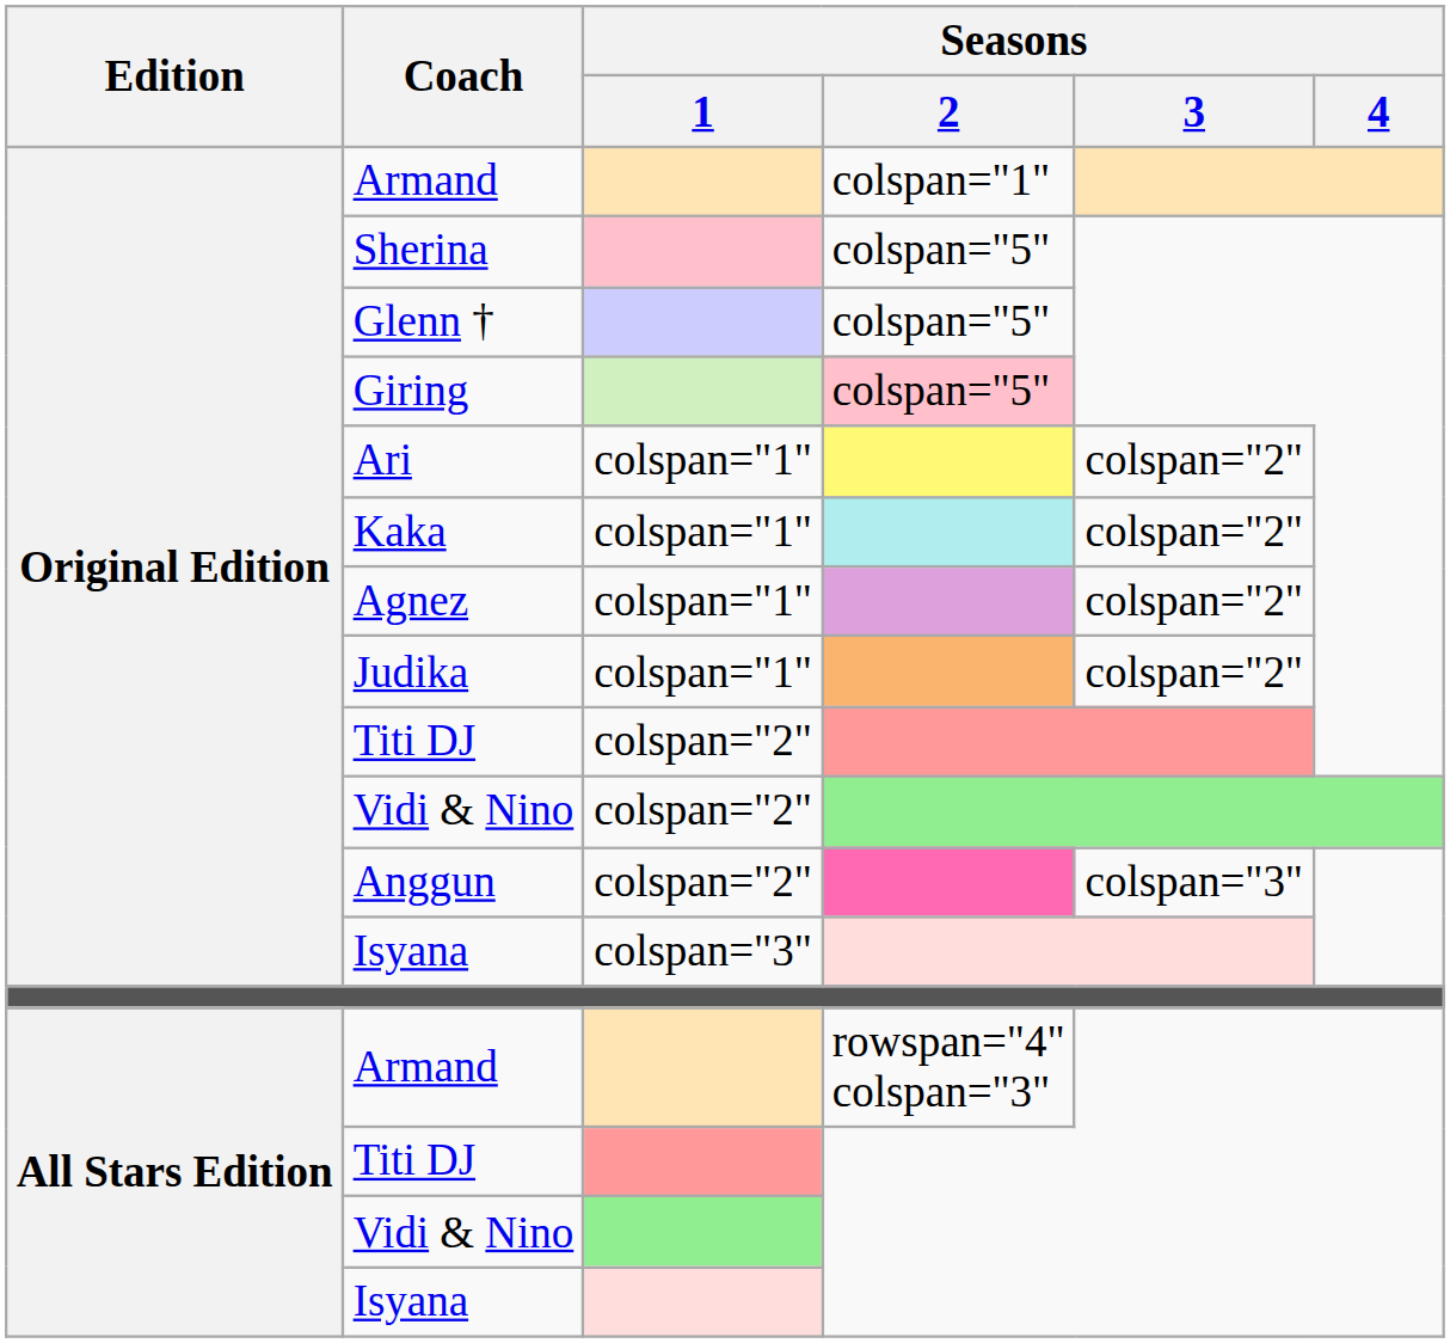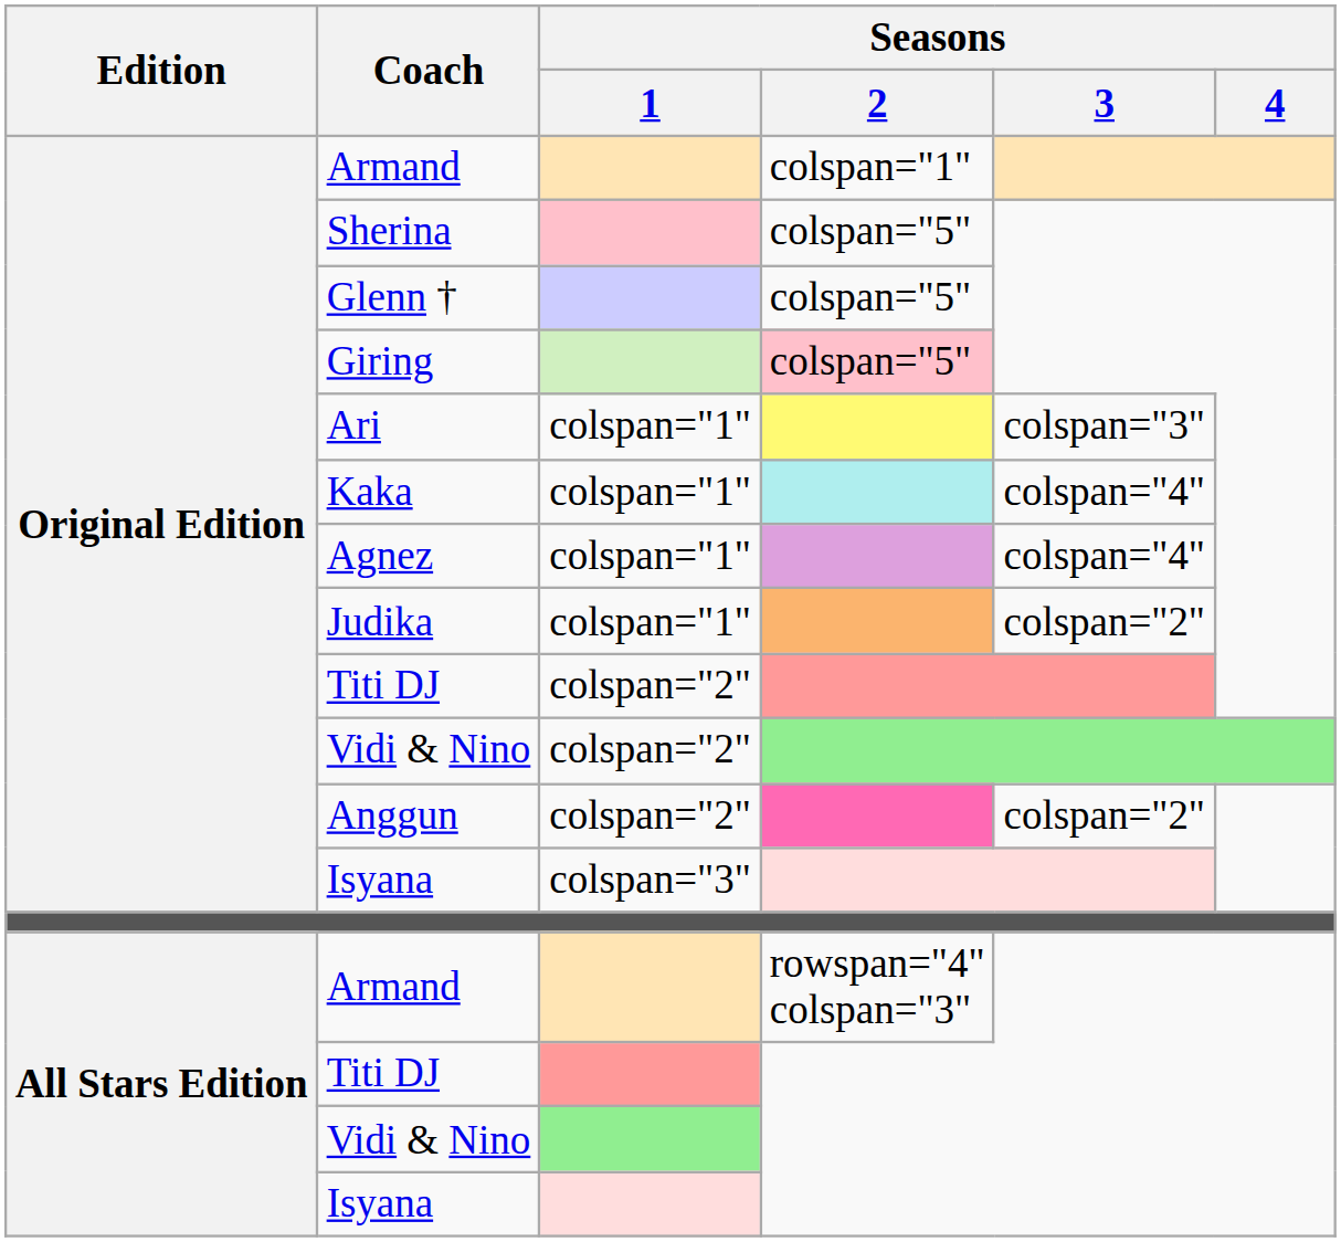 <table class="wikitable">
 <tr>
 <th rowspan="2">Edition</th>
 <th rowspan="2">Coach</th>
 <th colspan="9">Seasons</th>
 </tr>
 <tr>
 <th width="40"><a href='#'>1</a></th>
 <th width="40"><a href='#'>2</a></th>
 <th width="40"><a href='#'>3</a></th>
 <th width="40"><a href='#'>4</a></th>
 </tr>
 <tr>
 <th rowspan="12">Original Edition</th>
 <td><a href='#'>Armand</a></td>
 <td colspan="1" bgcolor="#ffe5b4"></td>
 <td>colspan="1" </td>
 <td colspan="2" bgcolor="#ffe5b4"></td>
 </tr>
 <tr>
 <td><a href='#'>Sherina</a></td>
 <td colspan="1" bgcolor="pink"></td>
 <td>colspan="5" </td>
 </tr>
 <tr>
 <td><a href='#'>Glenn</a> †</td>
 <td colspan="1" bgcolor="#ccf"></td>
 <td>colspan="5" </td>
 </tr>
 <tr>
 <td><a href='#'>Giring</a></td>
 <td colspan="1" bgcolor="#d0f0c0"></td>
 <td style="background: pink;">colspan="5" </td>
 </tr>
 <tr>
 <td><a href='#'>Ari</a></td>
 <td>colspan="1" </td>
 <td colspan="1" bgcolor="#fffa73"></td>
-<td>colspan="2" </td>
+<td>colspan="3" </td>
 </tr>
 <tr>
 <td><a href='#'>Kaka</a></td>
 <td>colspan="1" </td>
 <td colspan="1" bgcolor="#afeeee"></td>
-<td>colspan="2" </td>
+<td>colspan="4" </td>
 </tr>
 <tr>
 <td><a href='#'>Agnez</a></td>
 <td>colspan="1" </td>
 <td colspan="1" bgcolor="#dda0dd"></td>
-<td>colspan="2" </td>
+<td>colspan="4" </td>
 </tr>
 <tr>
 <td><a href='#'>Judika</a></td>
 <td>colspan="1" </td>
 <td colspan="1" bgcolor="#fbb46e"></td>
 <td>colspan="2" </td>
 </tr>
 <tr>
 <td><a href='#'>Titi DJ</a></td>
 <td>colspan="2" </td>
 <td colspan="2" bgcolor="#ff9999"></td>
 </tr>
 <tr>
 <td><a href='#'>Vidi</a> & <a href='#'>Nino</a></td>
 <td>colspan="2" </td>
 <td colspan="4" bgcolor="#90ee90"></td>
 </tr>
 <tr>
 <td><a href='#'>Anggun</a></td>
 <td>colspan="2" </td>
 <td colspan="1" bgcolor="#ff69b4"></td>
-<td>colspan="3" </td>
+<td>colspan="2" </td>
 </tr>
 <tr>
 <td><a href='#'>Isyana</a></td>
 <td>colspan="3" </td>
 <td colspan="2" bgcolor="#ffdddd"></td>
 </tr>
 <tr>
 <td style="background:#555555;" colspan="6"></td>
 </tr>
 <tr>
 <th rowspan="4">All Stars Edition</th>
 <td><a href='#'>Armand</a></td>
 <td colspan="1" bgcolor="#ffe5b4"></td>
 <td>rowspan="4" colspan="3" </td>
 </tr>
 <tr>
 <td><a href='#'>Titi DJ</a></td>
 <td colspan="1" bgcolor="#ff9999"></td>
 </tr>
 <tr>
 <td><a href='#'>Vidi</a> & <a href='#'>Nino</a></td>
 <td colspan="1" bgcolor="#90ee90"></td>
 </tr>
 <tr>
 <td><a href='#'>Isyana</a></td>
 <td colspan="1" bgcolor="#ffdddd"></td>
 </tr>
 </table>
